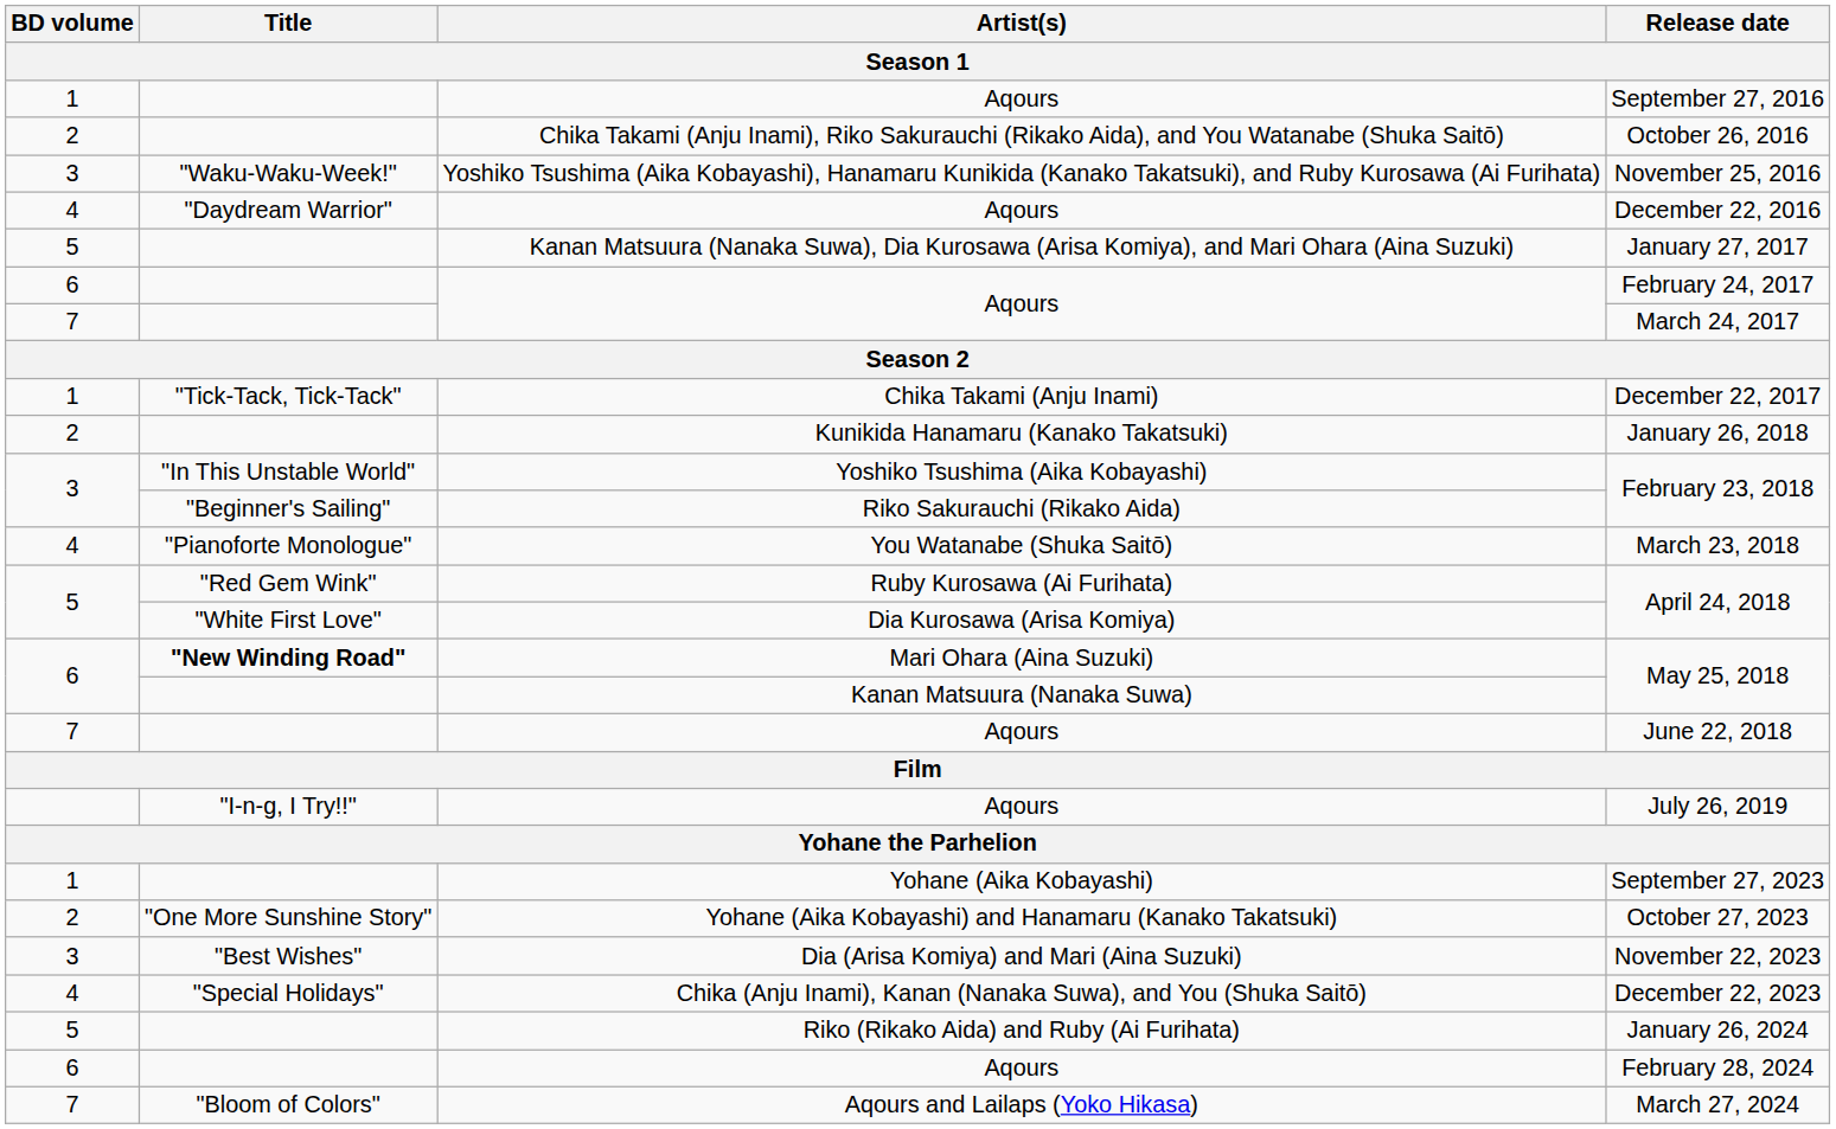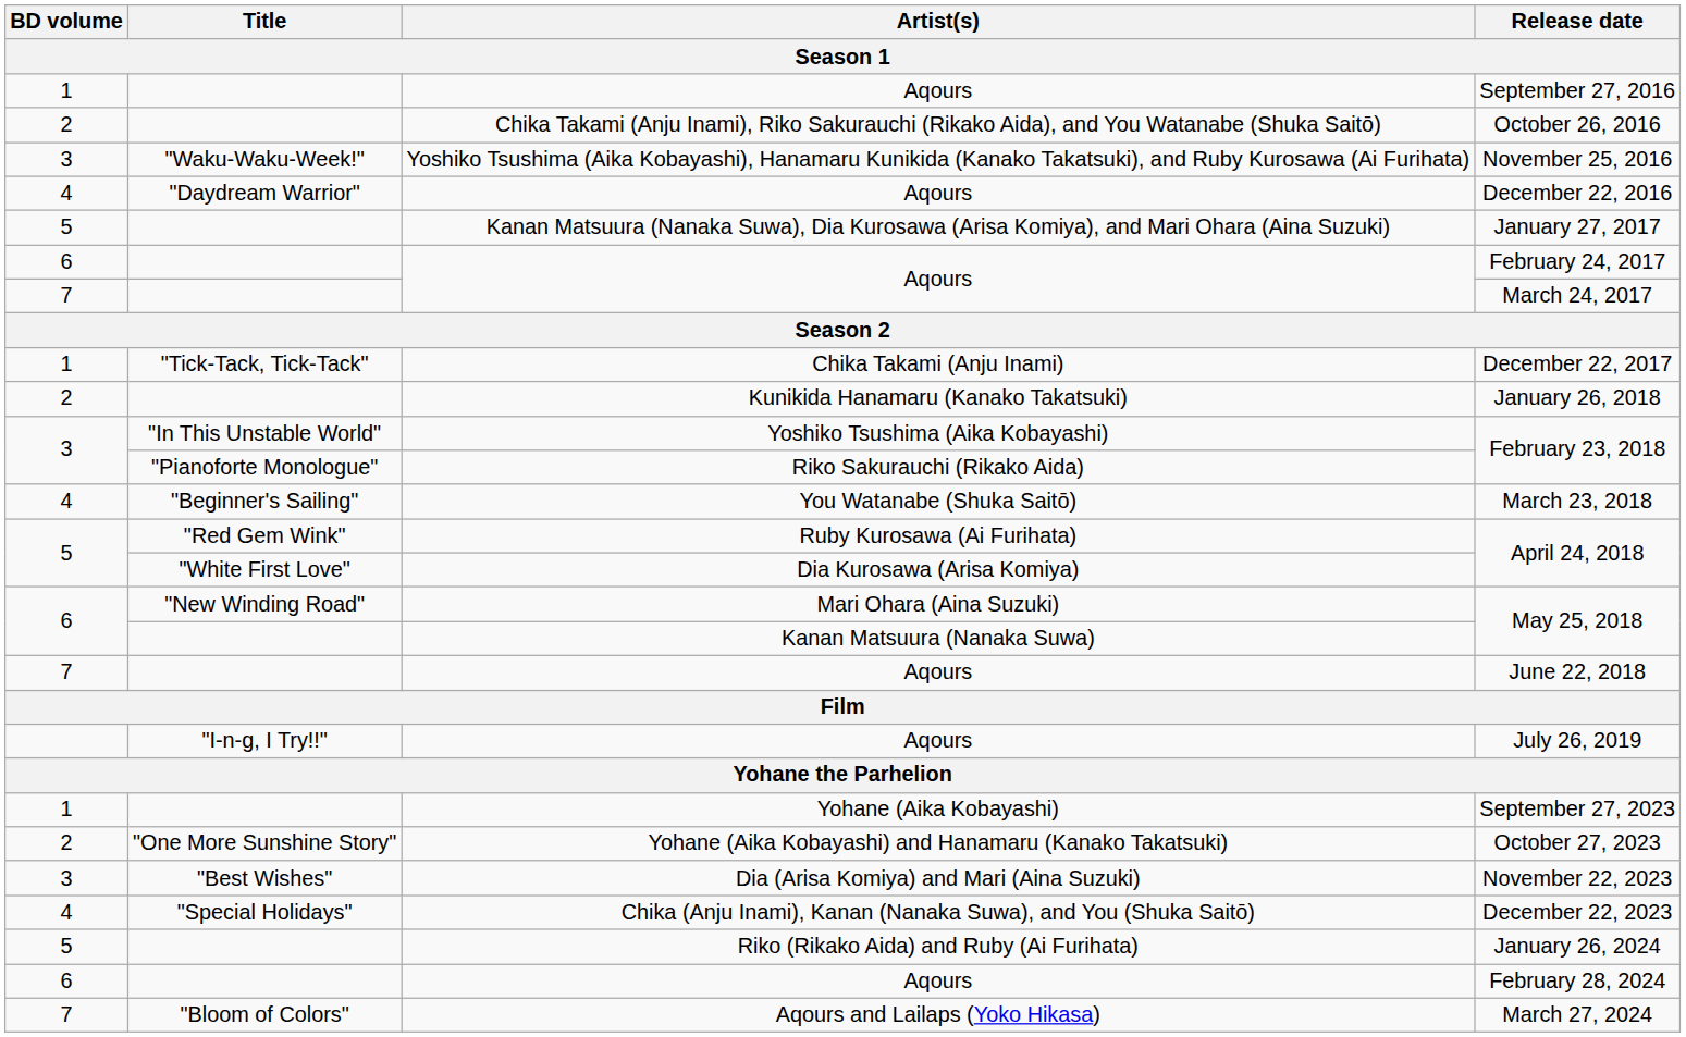 <table class="wikitable" style="text-align:center;">
 <tr>
 <th scope="col" rowspan="1">BD volume</th>
 <th scope="col" rowspan="1">Title</th>
 <th scope="col" rowspan="1">Artist(s)</th>
 <th scope="col" colspan="1">Release date</th>
 </tr>
 <tr>
 <th scope="col" colspan="4">Season 1</th>
 </tr>
 <tr>
 <td>1</td>
 <td></td>
 <td>Aqours</td>
 <td>September 27, 2016</td>
 </tr>
 <tr>
 <td>2</td>
 <td></td>
 <td>Chika Takami (Anju Inami), Riko Sakurauchi (Rikako Aida), and You Watanabe (Shuka Saitō)</td>
 <td>October 26, 2016</td>
 </tr>
 <tr>
 <td>3</td>
 <td>"Waku-Waku-Week!"</td>
 <td>Yoshiko Tsushima (Aika Kobayashi), Hanamaru Kunikida (Kanako Takatsuki), and Ruby Kurosawa (Ai Furihata)</td>
 <td>November 25, 2016</td>
 </tr>
 <tr>
 <td>4</td>
 <td>"Daydream Warrior"</td>
 <td>Aqours</td>
 <td>December 22, 2016</td>
 </tr>
 <tr>
 <td>5</td>
 <td></td>
 <td>Kanan Matsuura (Nanaka Suwa), Dia Kurosawa (Arisa Komiya), and Mari Ohara (Aina Suzuki)</td>
 <td>January 27, 2017</td>
 </tr>
 <tr>
 <td>6</td>
 <td></td>
 <td rowspan="2">Aqours</td>
 <td>February 24, 2017</td>
 </tr>
 <tr>
 <td>7</td>
 <td></td>
 <td>March 24, 2017</td>
 </tr>
 <tr>
 <th scope="col" colspan="4">Season 2</th>
 </tr>
 <tr>
 <td>1</td>
 <td>"Tick-Tack, Tick-Tack"</td>
 <td>Chika Takami (Anju Inami)</td>
 <td>December 22, 2017</td>
 </tr>
 <tr>
 <td>2</td>
 <td></td>
 <td>Kunikida Hanamaru (Kanako Takatsuki)</td>
 <td>January 26, 2018</td>
 </tr>
 <tr>
 <td rowspan="2">3</td>
 <td>"In This Unstable World"</td>
 <td>Yoshiko Tsushima (Aika Kobayashi)</td>
 <td rowspan="2">February 23, 2018</td>
 </tr>
 <tr>
-<td>"Beginner's Sailing"</td>
+<td>"Pianoforte Monologue"</td>
 <td>Riko Sakurauchi (Rikako Aida)</td>
 </tr>
 <tr>
 <td>4</td>
-<td>"Pianoforte Monologue"</td>
+<td>"Beginner's Sailing"</td>
 <td>You Watanabe (Shuka Saitō)</td>
 <td>March 23, 2018</td>
 </tr>
 <tr>
 <td rowspan="2">5</td>
 <td>"Red Gem Wink"</td>
 <td>Ruby Kurosawa (Ai Furihata)</td>
 <td rowspan="2">April 24, 2018</td>
 </tr>
 <tr>
 <td>"White First Love"</td>
 <td>Dia Kurosawa (Arisa Komiya)</td>
 </tr>
 <tr>
 <td rowspan="2">6</td>
-<td><strong>"New Winding Road"</strong></td>
+<td>"New Winding Road"</td>
 <td>Mari Ohara (Aina Suzuki)</td>
 <td rowspan="2">May 25, 2018</td>
 </tr>
 <tr>
 <td></td>
 <td>Kanan Matsuura (Nanaka Suwa)</td>
 </tr>
 <tr>
 <td>7</td>
 <td></td>
 <td>Aqours</td>
 <td>June 22, 2018</td>
 </tr>
 <tr>
 <th scope="col" colspan="4">Film</th>
 </tr>
 <tr>
 <td></td>
 <td>"I-n-g, I Try!!"</td>
 <td>Aqours</td>
 <td>July 26, 2019</td>
 </tr>
 <tr>
 <th scope="col" colspan="4">Yohane the Parhelion</th>
 </tr>
 <tr>
 <td>1</td>
 <td></td>
 <td>Yohane (Aika Kobayashi)</td>
 <td>September 27, 2023</td>
 </tr>
 <tr>
 <td>2</td>
 <td>"One More Sunshine Story"</td>
 <td>Yohane (Aika Kobayashi) and Hanamaru (Kanako Takatsuki)</td>
 <td>October 27, 2023</td>
 </tr>
 <tr>
 <td>3</td>
 <td>"Best Wishes"</td>
 <td>Dia (Arisa Komiya) and Mari (Aina Suzuki)</td>
 <td>November 22, 2023</td>
 </tr>
 <tr>
 <td>4</td>
 <td>"Special Holidays"</td>
 <td>Chika (Anju Inami), Kanan (Nanaka Suwa), and You (Shuka Saitō)</td>
 <td>December 22, 2023</td>
 </tr>
 <tr>
 <td>5</td>
 <td></td>
 <td>Riko (Rikako Aida) and Ruby (Ai Furihata)</td>
 <td>January 26, 2024</td>
 </tr>
 <tr>
 <td>6</td>
 <td></td>
 <td>Aqours</td>
 <td>February 28, 2024</td>
 </tr>
 <tr>
 <td>7</td>
 <td>"Bloom of Colors"</td>
 <td>Aqours and Lailaps (<a href='#'>Yoko Hikasa</a>)</td>
 <td>March 27, 2024</td>
 </tr>
 </table>
